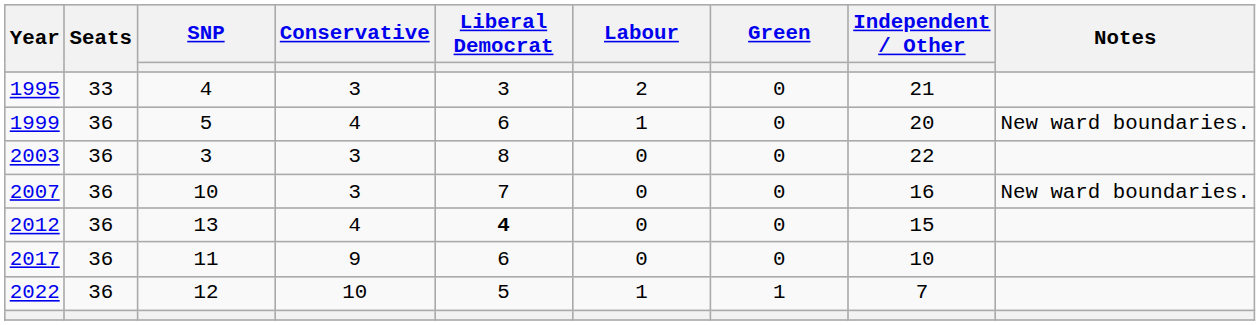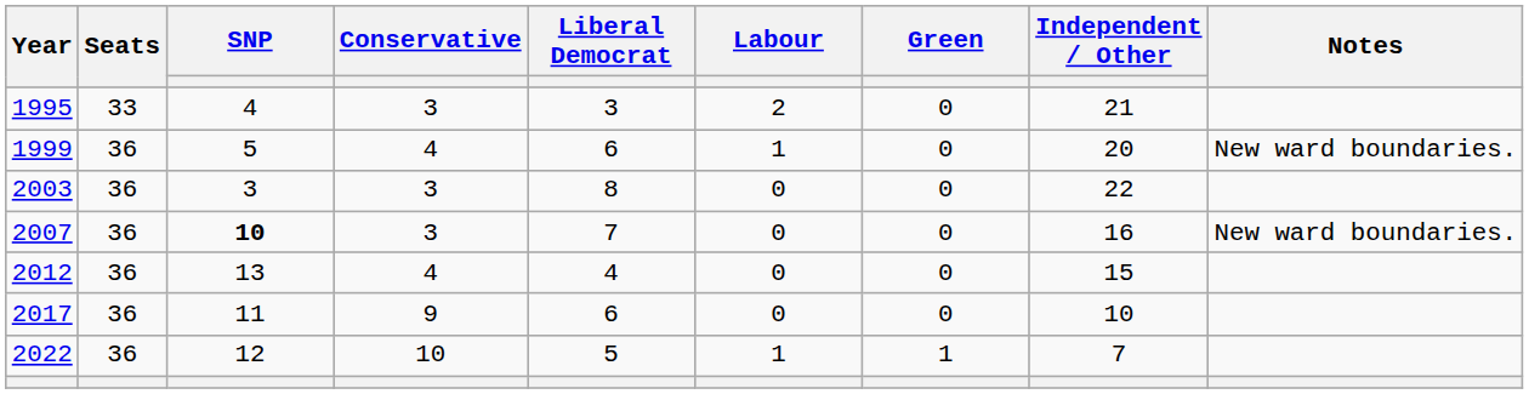 <table class="wikitable" style=text-align:center>
 <tr>
 <th rowspan=2>Year</th>
 <th rowspan=2>Seats</th>
 <th width="80"><a href='#'>SNP</a></th>
 <th width="80"><a href='#'>Conservative</a></th>
 <th width="80"><a href='#'>Liberal Democrat</a></th>
 <th width="80"><a href='#'>Labour</a></th>
 <th width="80"><a href='#'>Green</a></th>
 <th width="80"><a href='#'>Independent / Other</a></th>
 <th rowspan=2>Notes</th>
 </tr>
 <tr>
 <th style="background-color: "></th>
 <th style="background-color: "></th>
 <th style="background-color: "></th>
 <th style="background-color: "></th>
 <th style="background-color: "></th>
 <th style="background-color: "></th>
 </tr>
 <tr>
 <td><a href='#'>1995</a></td>
 <td>33</td>
 <td>4</td>
 <td>3</td>
 <td>3</td>
 <td>2</td>
 <td>0</td>
 <td>21</td>
 <td align=left></td>
 </tr>
 <tr>
 <td><a href='#'>1999</a></td>
 <td>36</td>
 <td>5</td>
 <td>4</td>
 <td>6</td>
 <td>1</td>
 <td>0</td>
 <td>20</td>
 <td align=left>New ward boundaries.</td>
 </tr>
 <tr>
 <td><a href='#'>2003</a></td>
 <td>36</td>
 <td>3</td>
 <td>3</td>
 <td>8</td>
 <td>0</td>
 <td>0</td>
 <td>22</td>
 <td align=left></td>
 </tr>
 <tr>
 <td><a href='#'>2007</a></td>
 <td>36</td>
-<td>10</td>
+<td><strong>10</strong></td>
 <td>3</td>
 <td>7</td>
 <td>0</td>
 <td>0</td>
 <td>16</td>
 <td align=left>New ward boundaries.</td>
 </tr>
 <tr>
 <td><a href='#'>2012</a></td>
 <td>36</td>
 <td>13</td>
 <td>4</td>
-<td><strong>4</strong></td>
+<td>4</td>
 <td>0</td>
 <td>0</td>
 <td>15</td>
 <td align=left></td>
 </tr>
 <tr>
 <td><a href='#'>2017</a></td>
 <td>36</td>
 <td>11</td>
 <td>9</td>
 <td>6</td>
 <td>0</td>
 <td>0</td>
 <td>10</td>
 <td align=left></td>
 </tr>
 <tr>
 <td><a href='#'>2022</a></td>
 <td>36</td>
 <td>12</td>
 <td>10</td>
 <td>5</td>
 <td>1</td>
 <td>1</td>
 <td>7</td>
 <td align=left></td>
 </tr>
 <tr>
 <th></th>
 <th></th>
 <th style="background-color: "></th>
 <th style="background-color: "></th>
 <th style="background-color: "></th>
 <th style="background-color: "></th>
 <th style="background-color: "></th>
 <th style="background-color: "></th>
 <th></th>
 </tr>
 </table>
